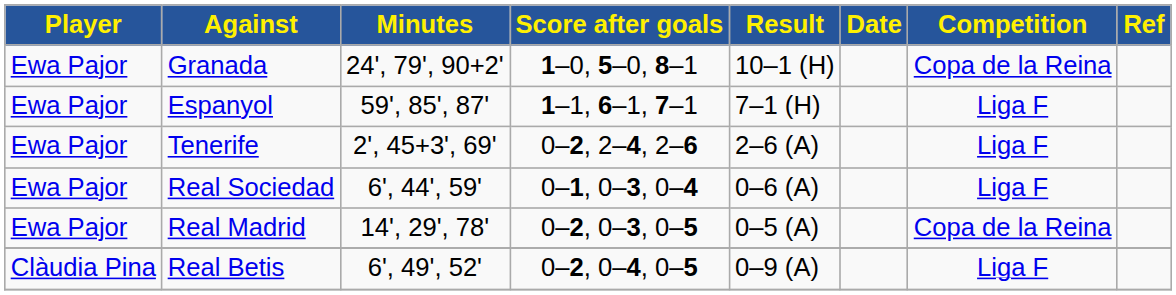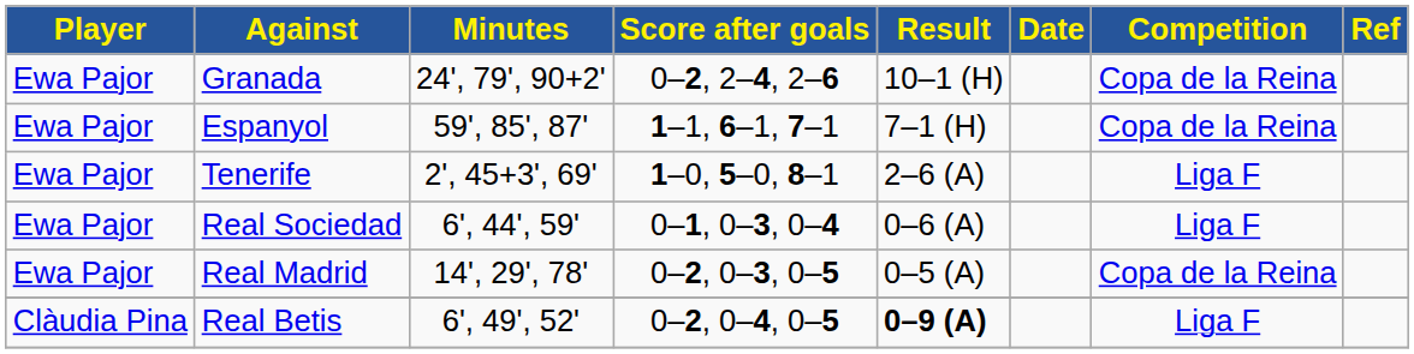 <table class="wikitable">
 <tr>
 <th style="background:#26559B; color:#FFF000; ">Player</th>
 <th style="background:#26559B; color:#FFF000; ">Against</th>
 <th style="background:#26559B; color:#FFF000; text-align:center; ">Minutes</th>
 <th style="background:#26559B; color:#FFF000; text-align:center; ">Score after goals</th>
 <th style="background:#26559B; color:#FFF000; text-align:center; ">Result</th>
 <th style="background:#26559B; color:#FFF000; ">Date</th>
 <th style="background:#26559B; color:#FFF000; text-align:center; ">Competition</th>
 <th style="background:#26559B; color:#FFF000; ">Ref</th>
 </tr>
 <tr>
 <td> <a href='#'>Ewa Pajor</a></td>
 <td> <a href='#'>Granada</a></td>
 <td style="text-align:center">24', 79', 90+2'</td>
-<td style="text-align:center"><strong>1</strong>–0, <strong>5</strong>–0, <strong>8</strong>–1</td>
+<td style="text-align:center">0–<strong>2</strong>, 2–<strong>4</strong>, 2–<strong>6</strong></td>
 <td>10–1 (H)</td>
 <td></td>
 <td style="text-align:center"><a href='#'>Copa de la Reina</a></td>
 <td style="text-align:center"></td>
 </tr>
 <tr>
 <td> <a href='#'>Ewa Pajor</a></td>
 <td> <a href='#'>Espanyol</a></td>
 <td style="text-align:center">59', 85', 87'</td>
 <td style="text-align:center"><strong>1</strong>–1, <strong>6</strong>–1, <strong>7</strong>–1</td>
 <td>7–1 (H)</td>
 <td></td>
-<td style="text-align:center"><a href='#'>Liga F</a></td>
+<td style="text-align:center"><a href='#'>Copa de la Reina</a></td>
 <td style="text-align:center"></td>
 </tr>
 <tr>
 <td> <a href='#'>Ewa Pajor</a></td>
 <td> <a href='#'>Tenerife</a></td>
 <td style="text-align:center">2', 45+3', 69'</td>
-<td style="text-align:center">0–<strong>2</strong>, 2–<strong>4</strong>, 2–<strong>6</strong></td>
+<td style="text-align:center"><strong>1</strong>–0, <strong>5</strong>–0, <strong>8</strong>–1</td>
 <td>2–6 (A)</td>
 <td></td>
 <td style="text-align:center"><a href='#'>Liga F</a></td>
 <td style="text-align:center"></td>
 </tr>
 <tr>
 <td> <a href='#'>Ewa Pajor</a></td>
 <td> <a href='#'>Real Sociedad</a></td>
 <td style="text-align:center">6', 44', 59'</td>
 <td style="text-align:center">0–<strong>1</strong>, 0–<strong>3</strong>, 0–<strong>4</strong></td>
 <td>0–6 (A)</td>
 <td></td>
 <td style="text-align:center"><a href='#'>Liga F</a></td>
 <td style="text-align:center"></td>
 </tr>
 <tr>
 <td> <a href='#'>Ewa Pajor</a></td>
 <td> <a href='#'>Real Madrid</a></td>
 <td style="text-align:center">14', 29', 78'</td>
 <td style="text-align:center">0–<strong>2</strong>, 0–<strong>3</strong>, 0–<strong>5</strong></td>
 <td>0–5 (A)</td>
 <td></td>
 <td style="text-align:center"><a href='#'>Copa de la Reina</a></td>
 <td style="text-align:center"></td>
 </tr>
 <tr>
 </tr>
 <tr>
 <td> <a href='#'>Clàudia Pina</a></td>
 <td> <a href='#'>Real Betis</a></td>
 <td style="text-align:center">6', 49', 52'</td>
 <td style="text-align:center">0–<strong>2</strong>, 0–<strong>4</strong>, 0–<strong>5</strong></td>
-<td>0–9 (A)</td>
+<td><strong>0–9 (A)</strong></td>
 <td></td>
 <td style="text-align:center"><a href='#'>Liga F</a></td>
 <td style="text-align:center"></td>
 </tr>
 <tr>
 </tr>
 </table>
